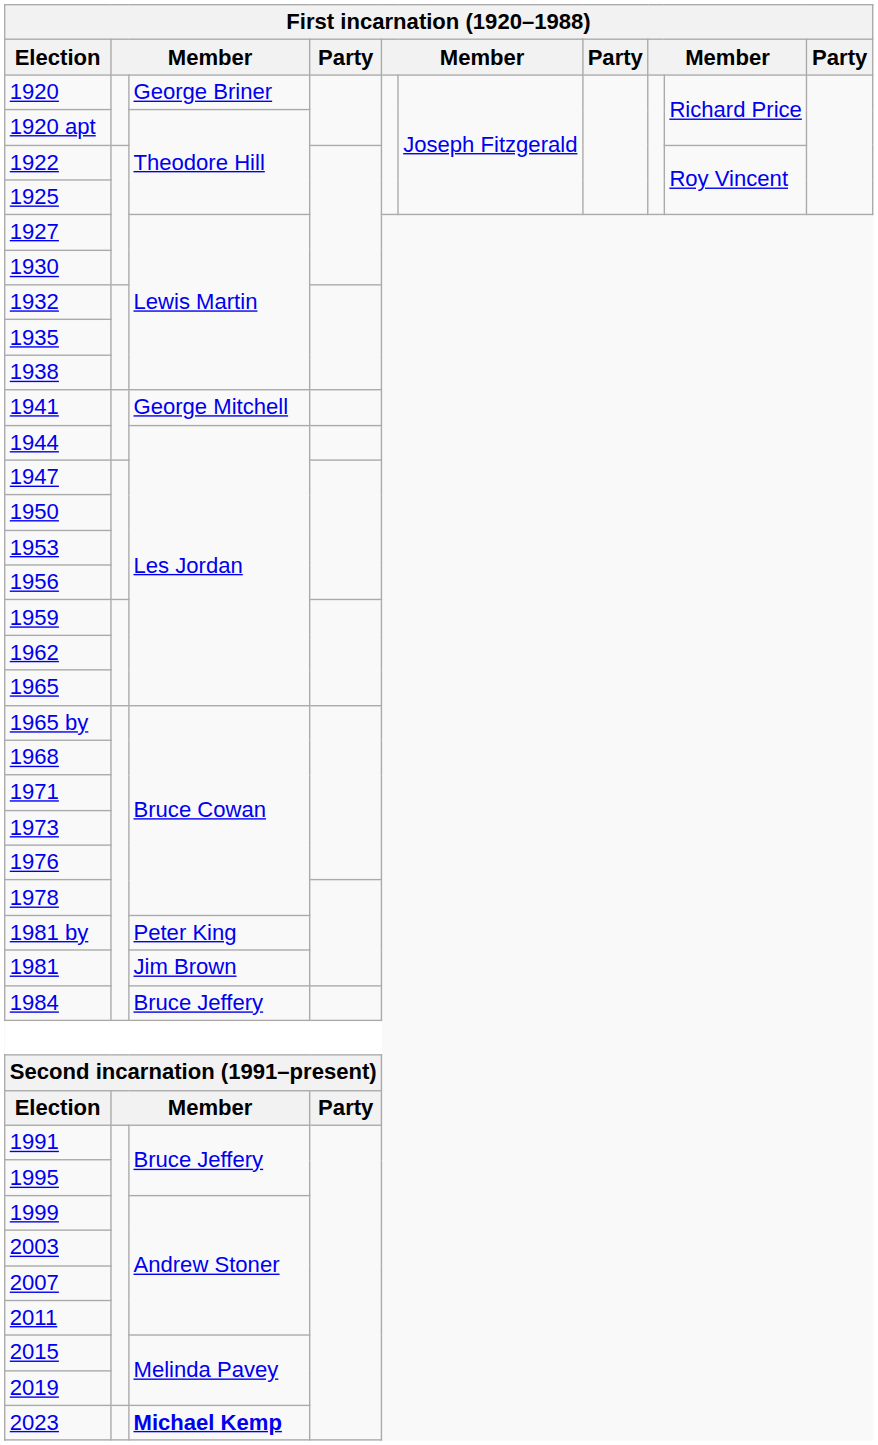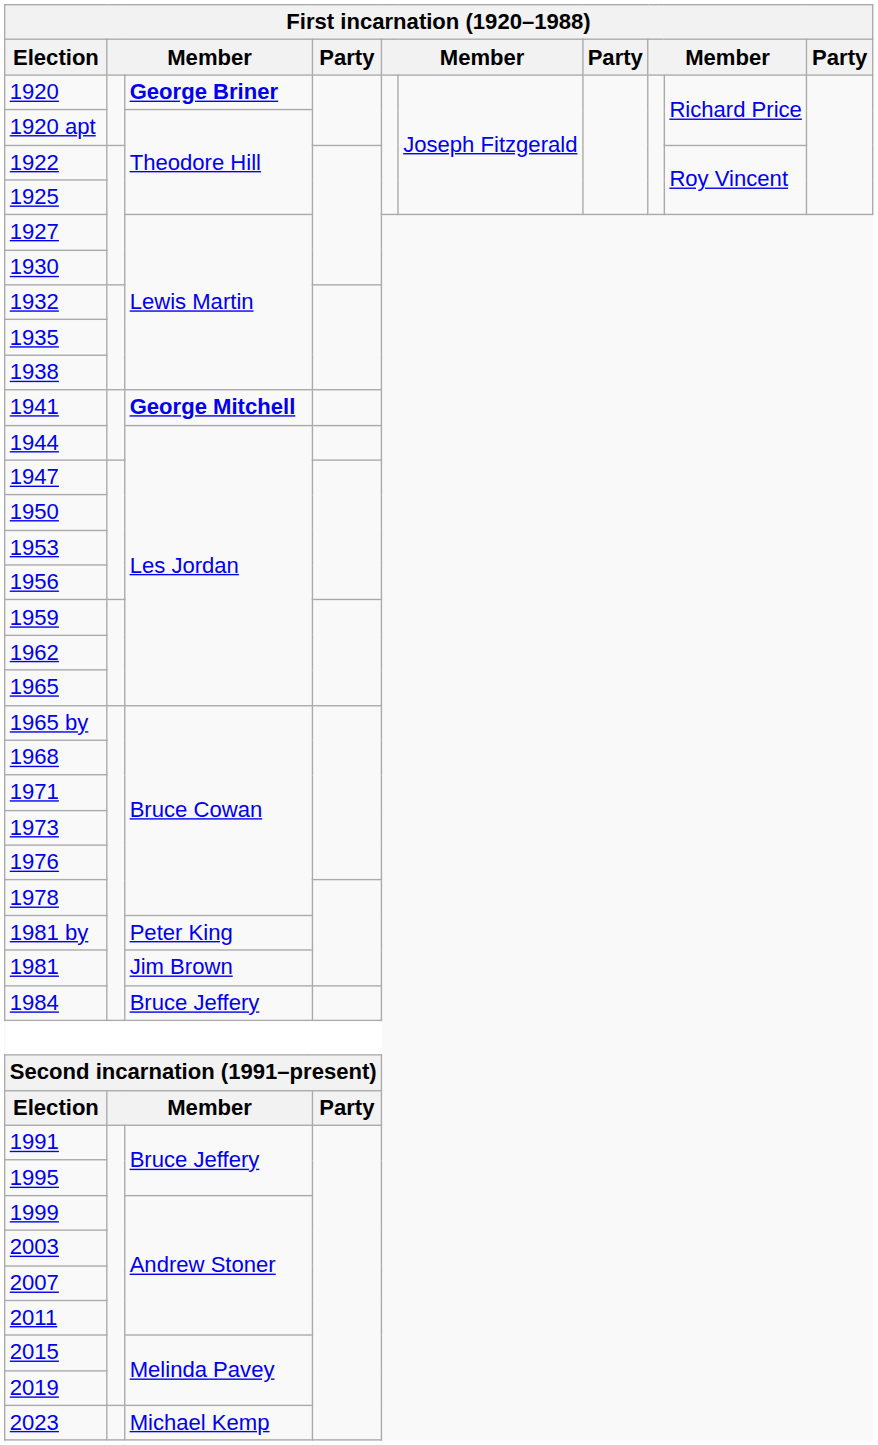 <table class="wikitable" style='border-style: none none none none;'>
 <tr>
 <th colspan="10">First incarnation (1920–1988)</th>
 </tr>
 <tr>
 <th>Election</th>
 <th colspan="2">Member</th>
 <th>Party</th>
 <th colspan="2">Member</th>
 <th>Party</th>
 <th colspan="2">Member</th>
 <th>Party</th>
 </tr>
 <tr style="background: #f9f9f9">
 <td><a href='#'>1920</a></td>
 <td rowspan="2" > </td>
-<td><a href='#'>George Briner</a></td>
+<td><strong><a href='#'>George Briner</a></strong></td>
 <td rowspan="2"></td>
 <td rowspan="4" > </td>
 <td rowspan="4"><a href='#'>Joseph Fitzgerald</a></td>
 <td rowspan="4"></td>
 <td rowspan="4" > </td>
 <td rowspan="2"><a href='#'>Richard Price</a></td>
 <td rowspan="4"></td>
 </tr>
 <tr style="background: #f9f9f9">
 <td><a href='#'>1920 apt</a></td>
 <td rowspan="3"><a href='#'>Theodore Hill</a></td>
 </tr>
 <tr style="background: #f9f9f9">
 <td><a href='#'>1922</a></td>
 <td rowspan="4" > </td>
 <td rowspan="4"></td>
 <td rowspan="2"><a href='#'>Roy Vincent</a></td>
 </tr>
 <tr style="background: #f9f9f9">
 <td><a href='#'>1925</a></td>
 </tr>
 <tr style="background: #f9f9f9">
 <td><a href='#'>1927</a></td>
 <td rowspan="5"><a href='#'>Lewis Martin</a></td>
 </tr>
 <tr style="background: #f9f9f9">
 <td><a href='#'>1930</a></td>
 </tr>
 <tr style="background: #f9f9f9">
 <td><a href='#'>1932</a></td>
 <td rowspan="3" > </td>
 <td rowspan="3"></td>
 </tr>
 <tr style="background: #f9f9f9">
 <td><a href='#'>1935</a></td>
 </tr>
 <tr style="background: #f9f9f9">
 <td><a href='#'>1938</a></td>
 </tr>
 <tr style="background: #f9f9f9">
 <td><a href='#'>1941</a></td>
 <td rowspan="2" > </td>
-<td><a href='#'>George Mitchell</a></td>
+<td><strong><a href='#'>George Mitchell</a></strong></td>
 <td></td>
 </tr>
 <tr style="background: #f9f9f9">
 <td><a href='#'>1944</a></td>
 <td rowspan="8"><a href='#'>Les Jordan</a></td>
 <td></td>
 </tr>
 <tr style="background: #f9f9f9">
 <td><a href='#'>1947</a></td>
 <td rowspan="4"  > </td>
 <td rowspan="4"></td>
 </tr>
 <tr style="background: #f9f9f9">
 <td><a href='#'>1950</a></td>
 </tr>
 <tr style="background: #f9f9f9">
 <td><a href='#'>1953</a></td>
 </tr>
 <tr style="background: #f9f9f9">
 <td><a href='#'>1956</a></td>
 </tr>
 <tr style="background: #f9f9f9">
 <td><a href='#'>1959</a></td>
 <td rowspan="3" > </td>
 <td rowspan="3"></td>
 </tr>
 <tr style="background: #f9f9f9">
 <td><a href='#'>1962</a></td>
 </tr>
 <tr style="background: #f9f9f9">
 <td><a href='#'>1965</a></td>
 </tr>
 <tr style="background: #f9f9f9">
 <td><a href='#'>1965 by</a></td>
 <td rowspan="9" > </td>
 <td rowspan="6"><a href='#'>Bruce Cowan</a></td>
 <td rowspan="5"></td>
 </tr>
 <tr style="background: #f9f9f9">
 <td><a href='#'>1968</a></td>
 </tr>
 <tr style="background: #f9f9f9">
 <td><a href='#'>1971</a></td>
 </tr>
 <tr style="background: #f9f9f9">
 <td><a href='#'>1973</a></td>
 </tr>
 <tr style="background: #f9f9f9">
 <td><a href='#'>1976</a></td>
 </tr>
 <tr style="background: #f9f9f9">
 <td><a href='#'>1978</a></td>
 <td rowspan="3"></td>
 </tr>
 <tr style="background: #f9f9f9">
 <td><a href='#'>1981 by</a></td>
 <td><a href='#'>Peter King</a></td>
 </tr>
 <tr style="background: #f9f9f9">
 <td><a href='#'>1981</a></td>
 <td><a href='#'>Jim Brown</a></td>
 </tr>
 <tr style="background: #f9f9f9">
 <td><a href='#'>1984</a></td>
 <td><a href='#'>Bruce Jeffery</a></td>
 <td></td>
 </tr>
 <tr>
 <td colspan="4" style='background: #FFFFFF; border-style: none none none none;'> </td>
 </tr>
 <tr>
 <th colspan="4">Second incarnation (1991–present)</th>
 </tr>
 <tr>
 <th>Election</th>
 <th colspan="2">Member</th>
 <th>Party</th>
 </tr>
 <tr style="background: #f9f9f9">
 <td><a href='#'>1991</a></td>
 <td rowspan="8" > </td>
 <td rowspan="2"><a href='#'>Bruce Jeffery</a></td>
 <td rowspan="9"></td>
 </tr>
 <tr style="background: #f9f9f9">
 <td><a href='#'>1995</a></td>
 </tr>
 <tr style="background: #f9f9f9">
 <td><a href='#'>1999</a></td>
 <td rowspan="4"><a href='#'>Andrew Stoner</a></td>
 </tr>
 <tr style="background: #f9f9f9">
 <td><a href='#'>2003</a></td>
 </tr>
 <tr style="background: #f9f9f9">
 <td><a href='#'>2007</a></td>
 </tr>
 <tr style="background: #f9f9f9">
 <td><a href='#'>2011</a></td>
 </tr>
 <tr style="background: #f9f9f9">
 <td><a href='#'>2015</a></td>
 <td rowspan="2"><a href='#'>Melinda Pavey</a></td>
 </tr>
 <tr style="background: #f9f9f9">
 <td><a href='#'>2019</a></td>
 </tr>
 <tr>
 <td><a href='#'>2023</a></td>
 <td></td>
-<td><strong><a href='#'>Michael Kemp</a></strong></td>
+<td><a href='#'>Michael Kemp</a></td>
 </tr>
 </table>
